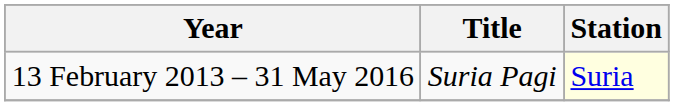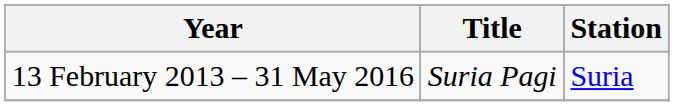 <table class="wikitable">
 <tr>
 <th>Year</th>
 <th>Title</th>
 <th>Station</th>
 </tr>
 <tr>
 <td>13 February 2013 – 31 May 2016</td>
 <td><em>Suria Pagi</em></td>
-<td style="background: lightyellow;"><a href='#'>Suria</a></td>
+<td><a href='#'>Suria</a></td>
 </tr>
 <tr>
 </tr>
 </table>
